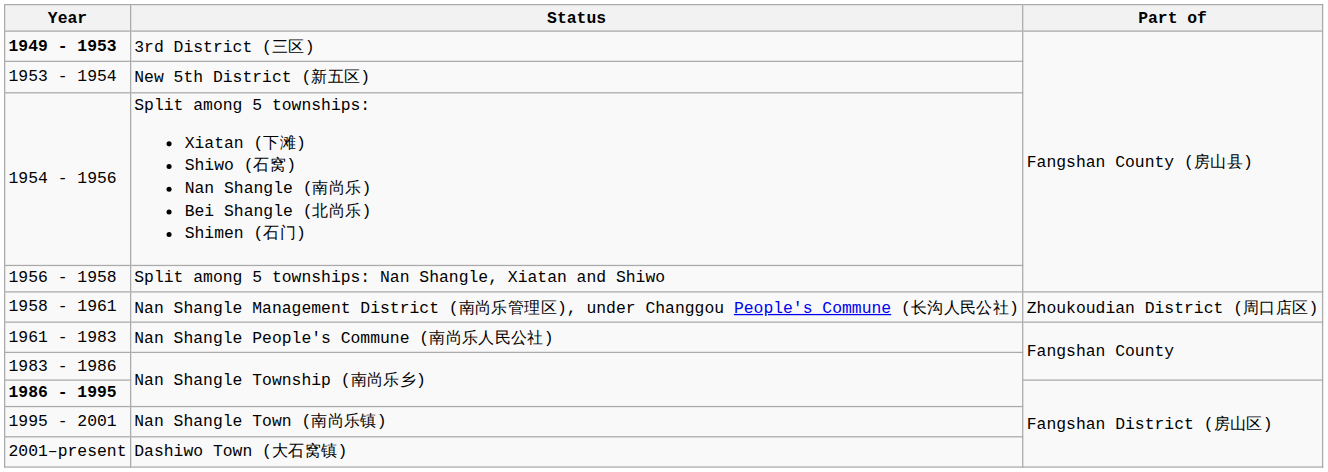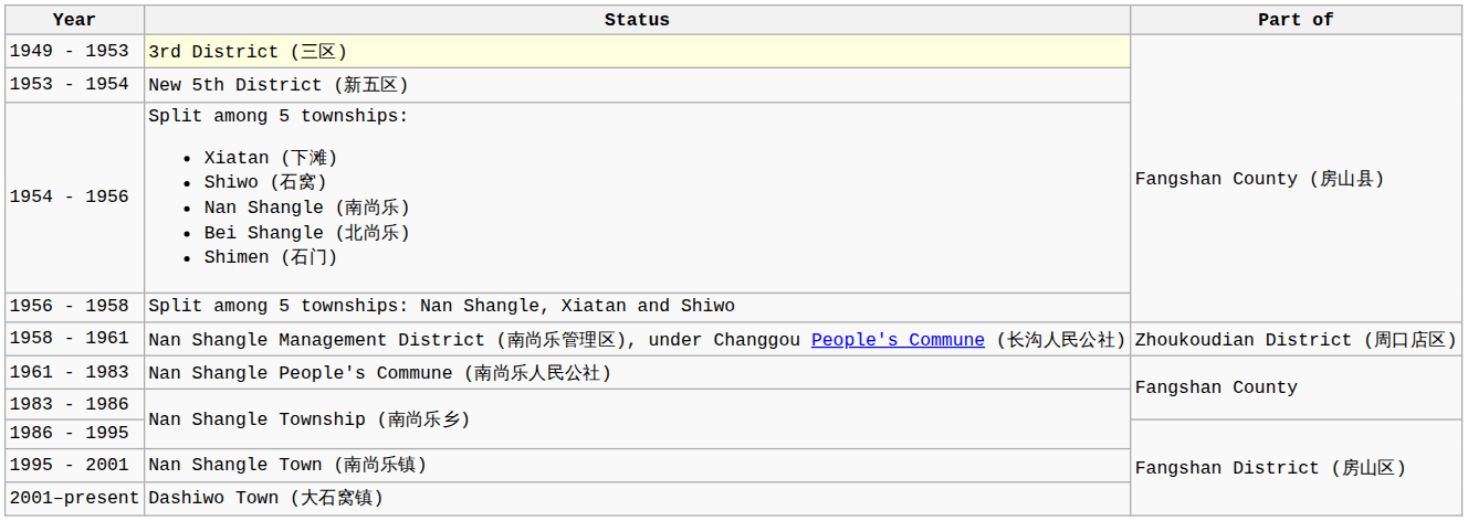 <table class="wikitable">
 <tr>
 <th>Year</th>
 <th>Status</th>
 <th>Part of</th>
 </tr>
 <tr>
-<td><strong>1949 - 1953</strong></td>
-<td>3rd District (三区)</td>
+<td>1949 - 1953</td>
+<td style="background: lightyellow;">3rd District (三区)</td>
 <td rowspan="4">Fangshan County (房山县)</td>
 </tr>
 <tr>
 <td>1953 - 1954</td>
 <td>New 5th District (新五区)</td>
 </tr>
 <tr>
 <td>1954 - 1956</td>
 <td>Split among 5 townships:<br><ul><li>Xiatan (下滩)</li><li>Shiwo (石窝)</li><li>Nan Shangle (南尚乐)</li><li>Bei Shangle (北尚乐)</li><li>Shimen (石门)</li></ul></td>
 </tr>
 <tr>
 <td>1956 - 1958</td>
 <td>Split among 5 townships: Nan Shangle, Xiatan and Shiwo</td>
 </tr>
 <tr>
 <td>1958 - 1961</td>
 <td>Nan Shangle Management District (南尚乐管理区), under Changgou <a href='#'>People's Commune</a> (长沟人民公社)</td>
 <td>Zhoukoudian District (周口店区)</td>
 </tr>
 <tr>
 <td>1961 - 1983</td>
 <td>Nan Shangle People's Commune (南尚乐人民公社)</td>
 <td rowspan="2">Fangshan County</td>
 </tr>
 <tr>
 <td>1983 - 1986</td>
 <td rowspan="2">Nan Shangle Township (南尚乐乡)</td>
 </tr>
 <tr>
-<td><strong>1986 - 1995</strong></td>
+<td>1986 - 1995</td>
 <td rowspan="3">Fangshan District (房山区)</td>
 </tr>
 <tr>
 <td>1995 - 2001</td>
 <td>Nan Shangle Town (南尚乐镇)</td>
 </tr>
 <tr>
 <td>2001–present</td>
 <td>Dashiwo Town (大石窝镇)</td>
 </tr>
 </table>
